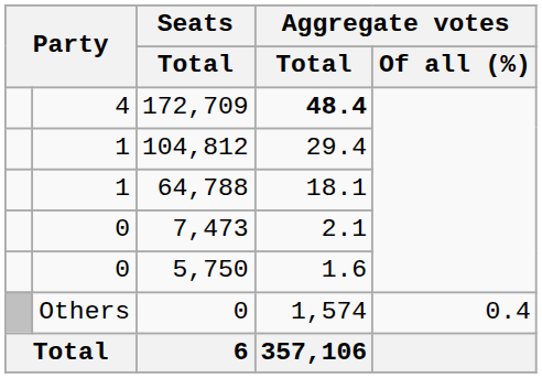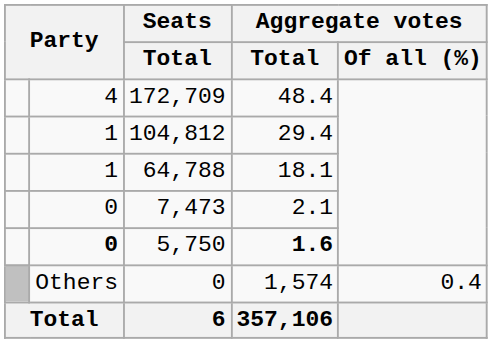 <table class="wikitable" style="text-align:right; font-size:95%;">
 <tr>
 <th colspan="2" rowspan="2">Party</th>
 <th>Seats</th>
 <th colspan="2">Aggregate votes</th>
 </tr>
 <tr>
 <th>Total</th>
 <th>Total</th>
 <th>Of all (%)</th>
 </tr>
 <tr>
 <td></td>
 <td>4</td>
 <td>172,709</td>
-<td><strong>48.4</strong></td>
+<td>48.4</td>
 </tr>
 <tr>
 <td></td>
 <td>1</td>
 <td>104,812</td>
 <td>29.4</td>
 </tr>
 <tr>
 <td></td>
 <td>1</td>
 <td>64,788</td>
 <td>18.1</td>
 </tr>
 <tr>
 <td></td>
 <td>0</td>
 <td>7,473</td>
 <td>2.1</td>
 </tr>
 <tr>
 <td></td>
-<td>0</td>
+<td><strong>0</strong></td>
 <td>5,750</td>
-<td>1.6</td>
+<td><strong>1.6</strong></td>
 </tr>
 <tr>
 <td style="background:silver;"> </td>
 <td align=left>Others</td>
 <td>0</td>
 <td>1,574</td>
 <td>0.4</td>
 </tr>
 <tr>
 <th colspan="2" style="background:#f2f2f2"><strong>Total</strong></th>
 <td style="background:#f2f2f2;"><strong>6</strong></td>
 <td style="background:#f2f2f2;"><strong>357,106</strong></td>
 <td style="background:#f2f2f2;"></td>
 </tr>
 </table>
